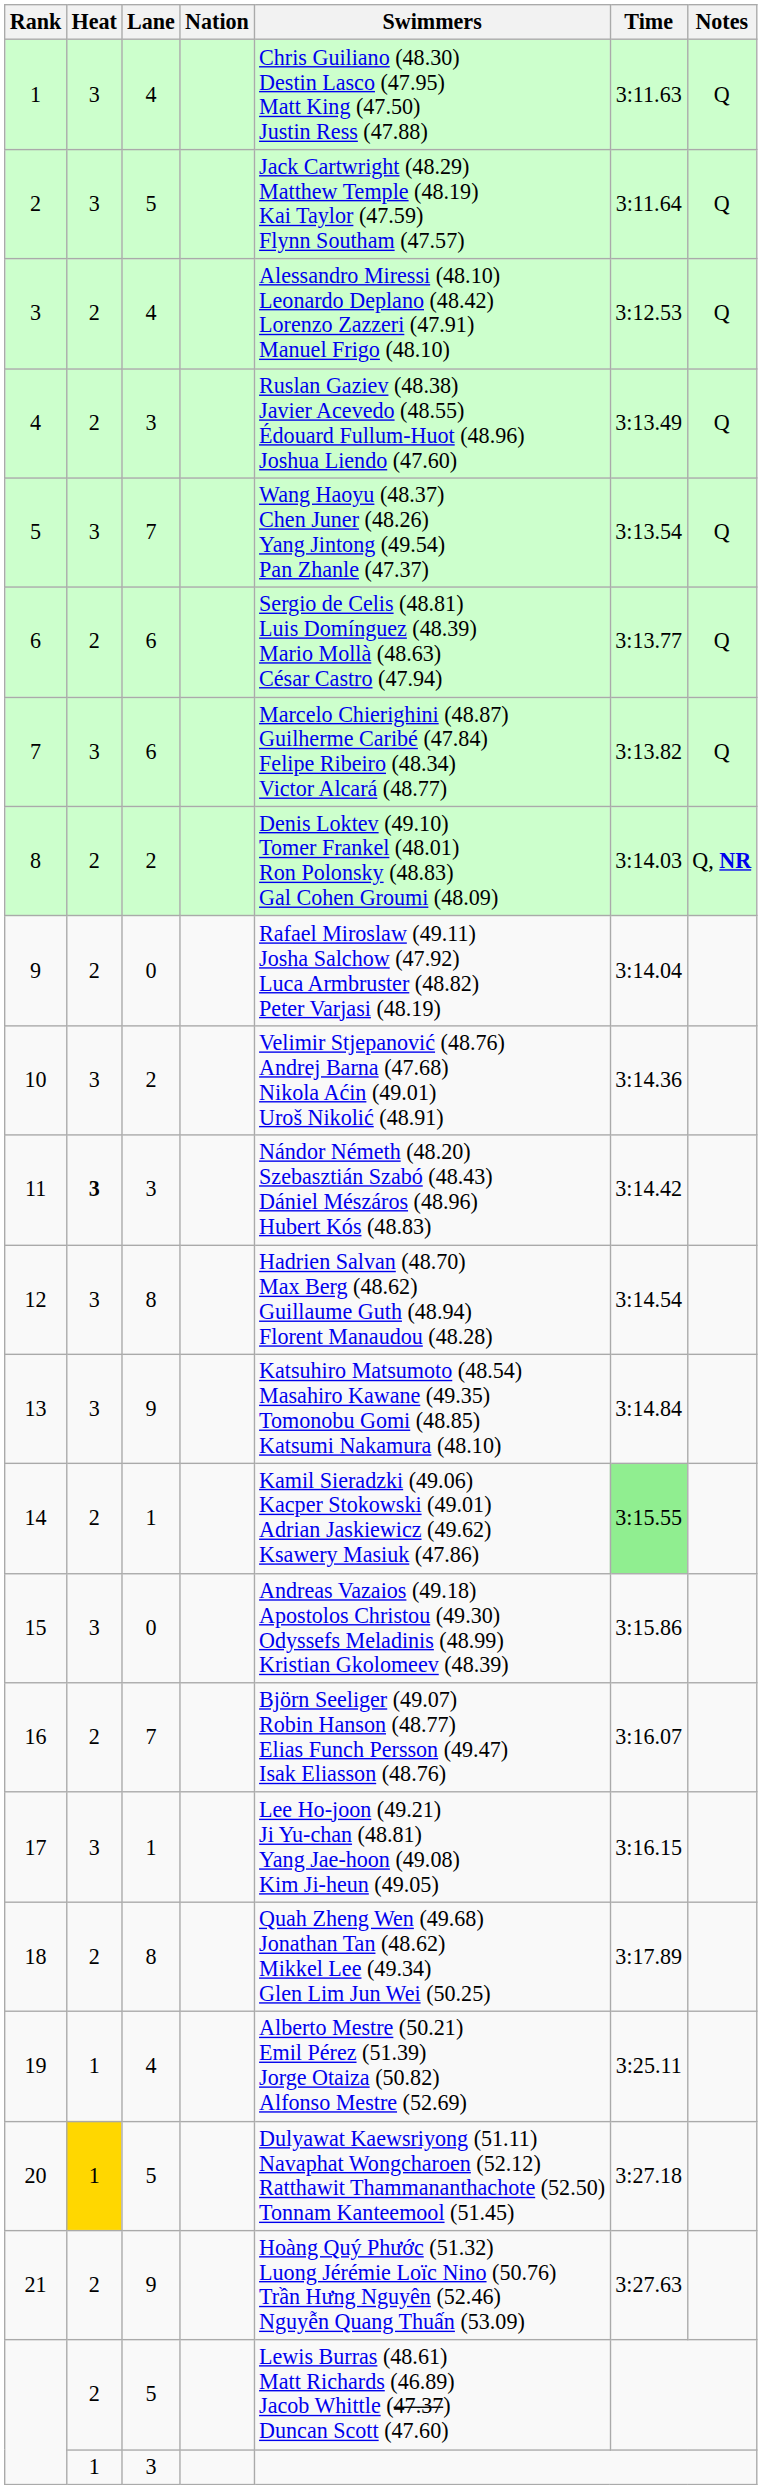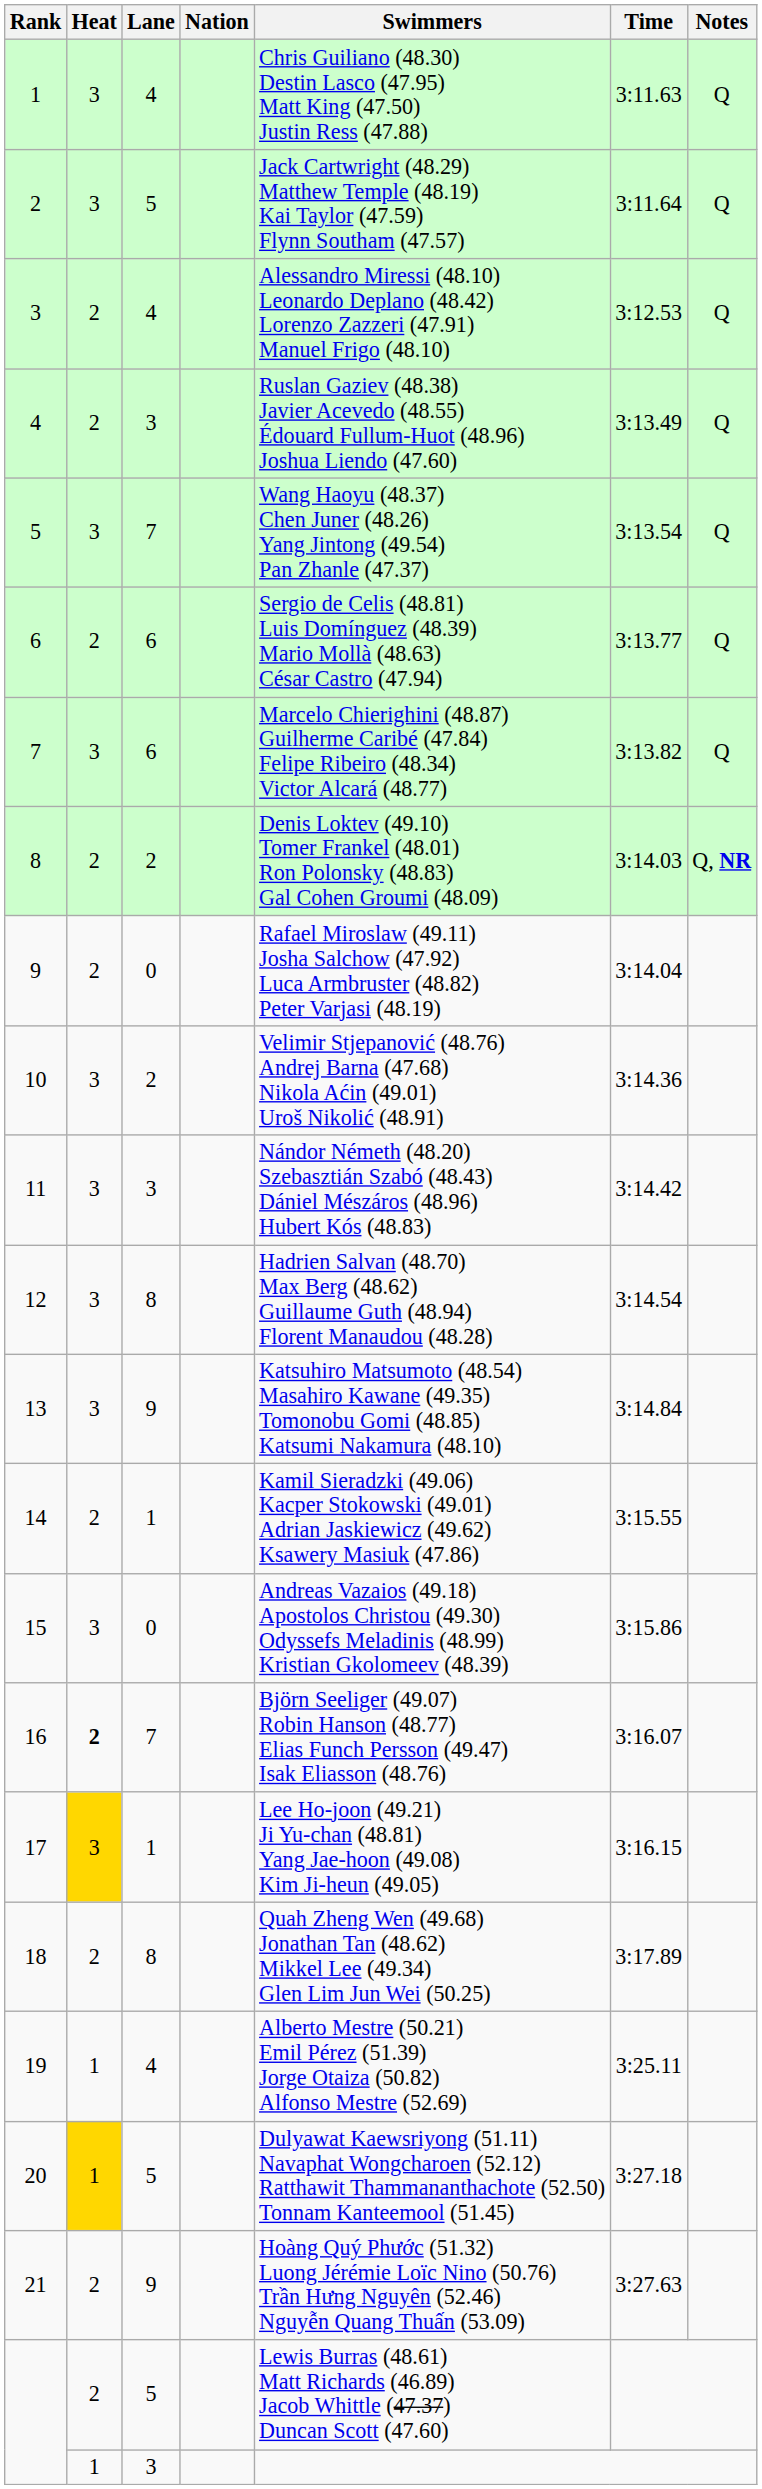 <table class="wikitable sortable" style="text-align:center">
 <tr>
 <th>Rank</th>
 <th>Heat</th>
 <th>Lane</th>
 <th>Nation</th>
 <th>Swimmers</th>
 <th>Time</th>
 <th>Notes</th>
 </tr>
 <tr bgcolor=ccffcc>
 <td>1</td>
 <td>3</td>
 <td>4</td>
 <td align=left></td>
 <td align=left><a href='#'>Chris Guiliano</a> (48.30)<br><a href='#'>Destin Lasco</a> (47.95)<br><a href='#'>Matt King</a> (47.50)<br><a href='#'>Justin Ress</a> (47.88)</td>
 <td>3:11.63</td>
 <td>Q</td>
 </tr>
 <tr bgcolor=ccffcc>
 <td>2</td>
 <td>3</td>
 <td>5</td>
 <td align=left></td>
 <td align=left><a href='#'>Jack Cartwright</a> (48.29)<br><a href='#'>Matthew Temple</a> (48.19)<br><a href='#'>Kai Taylor</a> (47.59)<br><a href='#'>Flynn Southam</a> (47.57)</td>
 <td>3:11.64</td>
 <td>Q</td>
 </tr>
 <tr bgcolor=ccffcc>
 <td>3</td>
 <td>2</td>
 <td>4</td>
 <td align=left></td>
 <td align=left><a href='#'>Alessandro Miressi</a> (48.10)<br><a href='#'>Leonardo Deplano</a> (48.42)<br><a href='#'>Lorenzo Zazzeri</a> (47.91)<br><a href='#'>Manuel Frigo</a> (48.10)</td>
 <td>3:12.53</td>
 <td>Q</td>
 </tr>
 <tr bgcolor=ccffcc>
 <td>4</td>
 <td>2</td>
 <td>3</td>
 <td align=left></td>
 <td align=left><a href='#'>Ruslan Gaziev</a> (48.38) <br><a href='#'>Javier Acevedo</a> (48.55) <br><a href='#'>Édouard Fullum-Huot</a> (48.96) <br><a href='#'>Joshua Liendo</a> (47.60)</td>
 <td>3:13.49</td>
 <td>Q</td>
 </tr>
 <tr bgcolor=ccffcc>
 <td>5</td>
 <td>3</td>
 <td>7</td>
 <td align=left></td>
 <td align=left><a href='#'>Wang Haoyu</a> (48.37)<br><a href='#'>Chen Juner</a> (48.26)<br><a href='#'>Yang Jintong</a> (49.54)<br><a href='#'>Pan Zhanle</a> (47.37)</td>
 <td>3:13.54</td>
 <td>Q</td>
 </tr>
 <tr bgcolor=ccffcc>
 <td>6</td>
 <td>2</td>
 <td>6</td>
 <td align=left></td>
 <td align=left><a href='#'>Sergio de Celis</a> (48.81)<br><a href='#'>Luis Domínguez</a> (48.39)<br><a href='#'>Mario Mollà</a> (48.63)<br><a href='#'>César Castro</a> (47.94)</td>
 <td>3:13.77</td>
 <td>Q</td>
 </tr>
 <tr bgcolor=ccffcc>
 <td>7</td>
 <td>3</td>
 <td>6</td>
 <td align=left></td>
 <td align=left><a href='#'>Marcelo Chierighini</a> (48.87)<br><a href='#'>Guilherme Caribé</a> (47.84)<br><a href='#'>Felipe Ribeiro</a> (48.34)<br><a href='#'>Victor Alcará</a> (48.77)</td>
 <td>3:13.82</td>
 <td>Q</td>
 </tr>
 <tr bgcolor=ccffcc>
 <td>8</td>
 <td>2</td>
 <td>2</td>
 <td align=left></td>
 <td align=left><a href='#'>Denis Loktev</a> (49.10)<br><a href='#'>Tomer Frankel</a> (48.01)<br><a href='#'>Ron Polonsky</a> (48.83)<br><a href='#'>Gal Cohen Groumi</a> (48.09)</td>
 <td>3:14.03</td>
 <td>Q, <strong><a href='#'>NR</a></strong></td>
 </tr>
 <tr>
 <td>9</td>
 <td>2</td>
 <td>0</td>
 <td align=left></td>
 <td align=left><a href='#'>Rafael Miroslaw</a> (49.11)<br><a href='#'>Josha Salchow</a> (47.92)<br><a href='#'>Luca Armbruster</a> (48.82)<br><a href='#'>Peter Varjasi</a> (48.19)</td>
 <td>3:14.04</td>
 <td></td>
 </tr>
 <tr>
 <td>10</td>
 <td>3</td>
 <td>2</td>
 <td align=left></td>
 <td align=left><a href='#'>Velimir Stjepanović</a> (48.76)<br><a href='#'>Andrej Barna</a> (47.68)<br><a href='#'>Nikola Aćin</a> (49.01)<br><a href='#'>Uroš Nikolić</a> (48.91)</td>
 <td>3:14.36</td>
 <td></td>
 </tr>
 <tr>
 <td>11</td>
-<td><strong>3</strong></td>
+<td>3</td>
 <td>3</td>
 <td align=left></td>
 <td align=left><a href='#'>Nándor Németh</a> (48.20)<br><a href='#'>Szebasztián Szabó</a> (48.43)<br><a href='#'>Dániel Mészáros</a> (48.96)<br><a href='#'>Hubert Kós</a> (48.83)</td>
 <td>3:14.42</td>
 <td></td>
 </tr>
 <tr>
 <td>12</td>
 <td>3</td>
 <td>8</td>
 <td align=left></td>
 <td align=left><a href='#'>Hadrien Salvan</a> (48.70)<br><a href='#'>Max Berg</a> (48.62)<br><a href='#'>Guillaume Guth</a> (48.94)<br><a href='#'>Florent Manaudou</a> (48.28)</td>
 <td>3:14.54</td>
 <td></td>
 </tr>
 <tr>
 <td>13</td>
 <td>3</td>
 <td>9</td>
 <td align=left></td>
 <td align=left><a href='#'>Katsuhiro Matsumoto</a> (48.54)<br><a href='#'>Masahiro Kawane</a> (49.35)<br><a href='#'>Tomonobu Gomi</a> (48.85)<br><a href='#'>Katsumi Nakamura</a> (48.10)</td>
 <td>3:14.84</td>
 <td></td>
 </tr>
 <tr>
 <td>14</td>
 <td>2</td>
 <td>1</td>
 <td align=left></td>
 <td align=left><a href='#'>Kamil Sieradzki</a> (49.06)<br><a href='#'>Kacper Stokowski</a> (49.01)<br><a href='#'>Adrian Jaskiewicz</a> (49.62)<br><a href='#'>Ksawery Masiuk</a> (47.86)</td>
-<td style="background: lightgreen;">3:15.55</td>
+<td>3:15.55</td>
 <td></td>
 </tr>
 <tr>
 <td>15</td>
 <td>3</td>
 <td>0</td>
 <td align=left></td>
 <td align=left><a href='#'>Andreas Vazaios</a> (49.18)<br><a href='#'>Apostolos Christou</a> (49.30)<br><a href='#'>Odyssefs Meladinis</a> (48.99)<br><a href='#'>Kristian Gkolomeev</a> (48.39)</td>
 <td>3:15.86</td>
 <td></td>
 </tr>
 <tr>
 <td>16</td>
-<td>2</td>
+<td><strong>2</strong></td>
 <td>7</td>
 <td align=left></td>
 <td align=left><a href='#'>Björn Seeliger</a> (49.07)<br><a href='#'>Robin Hanson</a> (48.77)<br><a href='#'>Elias Funch Persson</a> (49.47)<br><a href='#'>Isak Eliasson</a> (48.76)</td>
 <td>3:16.07</td>
 <td></td>
 </tr>
 <tr>
 <td>17</td>
-<td>3</td>
+<td style="background: gold;">3</td>
 <td>1</td>
 <td align=left></td>
 <td align=left><a href='#'>Lee Ho-joon</a> (49.21)<br><a href='#'>Ji Yu-chan</a> (48.81)<br><a href='#'>Yang Jae-hoon</a> (49.08)<br><a href='#'>Kim Ji-heun</a> (49.05)</td>
 <td>3:16.15</td>
 <td></td>
 </tr>
 <tr>
 <td>18</td>
 <td>2</td>
 <td>8</td>
 <td align=left></td>
 <td align=left><a href='#'>Quah Zheng Wen</a> (49.68)<br><a href='#'>Jonathan Tan</a> (48.62)<br><a href='#'>Mikkel Lee</a> (49.34)<br><a href='#'>Glen Lim Jun Wei</a> (50.25)</td>
 <td>3:17.89</td>
 <td></td>
 </tr>
 <tr>
 <td>19</td>
 <td>1</td>
 <td>4</td>
 <td align=left></td>
 <td align=left><a href='#'>Alberto Mestre</a> (50.21)<br><a href='#'>Emil Pérez</a> (51.39)<br><a href='#'>Jorge Otaiza</a> (50.82)<br><a href='#'>Alfonso Mestre</a> (52.69)</td>
 <td>3:25.11</td>
 <td></td>
 </tr>
 <tr>
 <td>20</td>
 <td style="background: gold;">1</td>
 <td>5</td>
 <td align=left></td>
 <td align=left><a href='#'>Dulyawat Kaewsriyong</a> (51.11)<br><a href='#'>Navaphat Wongcharoen</a> (52.12)<br><a href='#'>Ratthawit Thammananthachote</a> (52.50)<br><a href='#'>Tonnam Kanteemool</a> (51.45)</td>
 <td>3:27.18</td>
 <td></td>
 </tr>
 <tr>
 <td>21</td>
 <td>2</td>
 <td>9</td>
 <td align=left></td>
 <td align=left><a href='#'>Hoàng Quý Phước</a> (51.32)<br><a href='#'>Luong Jérémie Loïc Nino</a> (50.76)<br><a href='#'>Trần Hưng Nguyên</a> (52.46)<br><a href='#'>Nguyễn Quang Thuấn</a> (53.09)</td>
 <td>3:27.63</td>
 <td></td>
 </tr>
 <tr>
 <td rowspan=2></td>
 <td>2</td>
 <td>5</td>
 <td align=left></td>
 <td align=left><a href='#'>Lewis Burras</a> (48.61)<br><a href='#'>Matt Richards</a> (46.89)<br><a href='#'>Jacob Whittle</a> (<s>47.37</s>)<br><a href='#'>Duncan Scott</a> (47.60)</td>
 <td colspan=2></td>
 </tr>
 <tr>
 <td>1</td>
 <td>3</td>
 <td align=left></td>
 <td colspan=3></td>
 </tr>
 </table>
